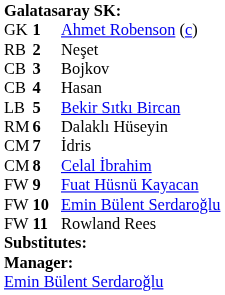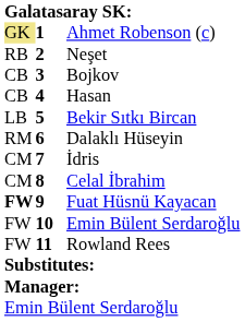 <table style="font-size: 90%" cellspacing="0" cellpadding="0">
 <tr>
 <td colspan="4"><strong>Galatasaray SK:</strong></td>
 </tr>
 <tr>
 <th width="25"></th>
 <th width="25"></th>
 </tr>
 <tr>
-<td>GK</td>
+<td style="background: khaki;">GK</td>
 <td><strong>1</strong></td>
 <td> <a href='#'>Ahmet Robenson</a> (<a href='#'>c</a>)</td>
 </tr>
 <tr>
 <td>RB</td>
 <td><strong>2</strong></td>
 <td> Neşet</td>
 </tr>
 <tr>
 <td>CB</td>
 <td><strong>3</strong></td>
 <td> Bojkov</td>
 </tr>
 <tr>
 <td>CB</td>
 <td><strong>4</strong></td>
 <td> Hasan</td>
 </tr>
 <tr>
 <td>LB</td>
 <td><strong>5</strong></td>
 <td> <a href='#'>Bekir Sıtkı Bircan</a></td>
 </tr>
 <tr>
 <td>RM</td>
 <td><strong>6</strong></td>
 <td> Dalaklı Hüseyin</td>
 </tr>
 <tr>
 <td>CM</td>
 <td><strong>7</strong></td>
 <td> İdris</td>
 </tr>
 <tr>
 <td>CM</td>
 <td><strong>8</strong></td>
 <td> <a href='#'>Celal İbrahim</a></td>
 </tr>
 <tr>
-<td>FW</td>
+<td><strong>FW</strong></td>
 <td><strong>9</strong></td>
 <td> <a href='#'>Fuat Hüsnü Kayacan</a></td>
 </tr>
 <tr>
 <td>FW</td>
 <td><strong>10</strong></td>
 <td> <a href='#'>Emin Bülent Serdaroğlu</a></td>
 </tr>
 <tr>
 <td>FW</td>
 <td><strong>11</strong></td>
 <td> Rowland Rees</td>
 </tr>
 <tr>
 <td colspan=4><strong>Substitutes:</strong></td>
 </tr>
 <tr>
 <td colspan=4><strong>Manager:</strong></td>
 </tr>
 <tr>
 <td colspan="4"> <a href='#'>Emin Bülent Serdaroğlu</a></td>
 </tr>
 </table>
